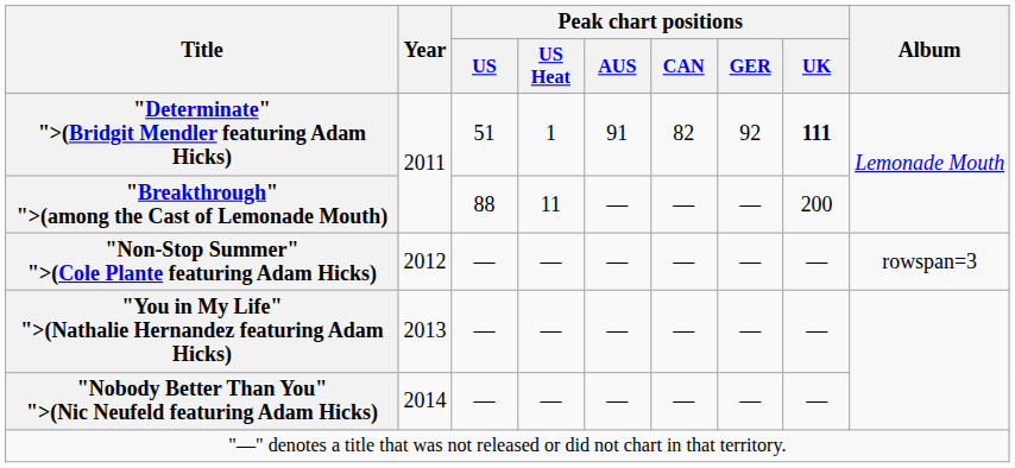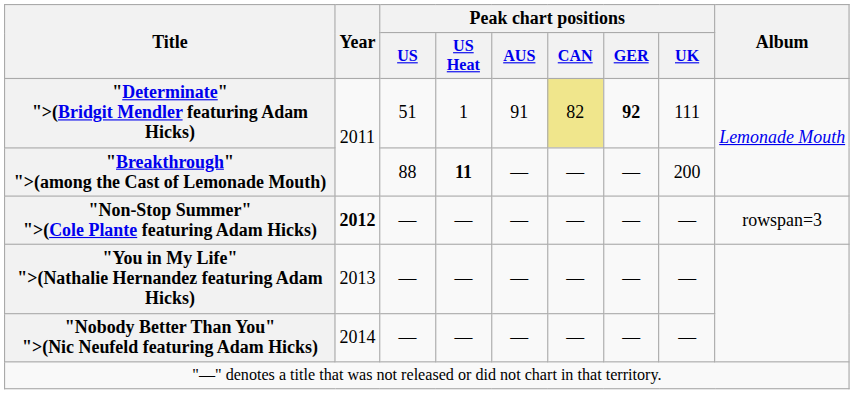 <table class="wikitable plainrowheaders" style="text-align:center;" border="1">
 <tr>
 <th scope="col" rowspan="2" style="width:18em;">Title</th>
 <th scope="col" rowspan="2">Year</th>
 <th scope="col" colspan="6">Peak chart positions</th>
 <th scope="col" rowspan="2">Album</th>
 </tr>
 <tr>
 <th scope="col" style="width:3em;font-size:90%;"><a href='#'>US</a><br></th>
 <th scope="col" style="width:3em;font-size:90%;"><a href='#'>US<br>Heat</a><br></th>
 <th scope="col" style="width:3em;font-size:90%;"><a href='#'>AUS</a><br></th>
 <th scope="col" style="width:3em;font-size:90%;"><a href='#'>CAN</a><br></th>
 <th scope="col" style="width:3em;font-size:90%;"><a href='#'>GER</a><br></th>
 <th scope="col" style="width:3em;font-size:90%;"><a href='#'>UK</a><br></th>
 </tr>
 <tr>
 <th scope="row">"<a href='#'>Determinate</a>"<br><span>">(<a href='#'>Bridgit Mendler</a> featuring Adam Hicks)</span></th>
 <td rowspan="2">2011</td>
 <td>51</td>
 <td>1</td>
 <td>91</td>
-<td>82</td>
-<td>92</td>
-<td><strong>111</strong></td>
+<td style="background: khaki;">82</td>
+<td><strong>92</strong></td>
+<td>111</td>
 <td rowspan=2><em><a href='#'>Lemonade Mouth</a></em></td>
 </tr>
 <tr>
 <th scope="row">"<a href='#'>Breakthrough</a>"<br><span>">(among the Cast of Lemonade Mouth)</span></th>
 <td>88</td>
-<td>11</td>
+<td><strong>11</strong></td>
 <td>—</td>
 <td>—</td>
 <td>—</td>
 <td>200</td>
 </tr>
 <tr>
 <th scope="row">"Non-Stop Summer"<br><span>">(<a href='#'>Cole Plante</a> featuring Adam Hicks)</span></th>
-<td>2012</td>
+<td><strong>2012</strong></td>
 <td>—</td>
 <td>—</td>
 <td>—</td>
 <td>—</td>
 <td>—</td>
 <td>—</td>
 <td>rowspan=3 </td>
 </tr>
 <tr>
 <th scope="row">"You in My Life"<br><span>">(Nathalie Hernandez featuring Adam Hicks)</span></th>
 <td>2013</td>
 <td>—</td>
 <td>—</td>
 <td>—</td>
 <td>—</td>
 <td>—</td>
 <td>—</td>
 </tr>
 <tr>
 <th scope="row">"Nobody Better Than You"<br><span>">(Nic Neufeld featuring Adam Hicks)</span></th>
 <td>2014</td>
 <td>—</td>
 <td>—</td>
 <td>—</td>
 <td>—</td>
 <td>—</td>
 <td>—</td>
 </tr>
 <tr>
 <td colspan="10" style="text-align:center;font-size:90%;">"—" denotes a title that was not released or did not chart in that territory.</td>
 </tr>
 </table>
